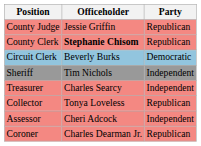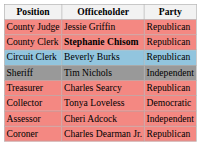 <table class="wikitable">
 <tr>
 <th>Position</th>
 <th>Officeholder</th>
 <th>Party</th>
 </tr>
 <tr style="background-color:#F48882;">
 <td>County Judge</td>
 <td>Jessie Griffin</td>
 <td>Republican</td>
 </tr>
 <tr style="background-color:#F48882;">
 <td>County Clerk</td>
 <td><strong>Stephanie Chisom</strong></td>
 <td>Republican</td>
 </tr>
 <tr style="background-color:#92C5DE;">
 <td>Circuit Clerk</td>
 <td>Beverly Burks</td>
-<td>Democratic</td>
+<td>Republican</td>
 </tr>
 <tr style="background-color:#999999;">
 <td>Sheriff</td>
 <td>Tim Nichols</td>
 <td>Independent</td>
 </tr>
 <tr style="background-color:#F48882;">
 <td>Treasurer</td>
 <td>Charles Searcy</td>
-<td>Independent</td>
+<td>Republican</td>
 </tr>
 <tr style="background-color:#F48882;">
 <td>Collector</td>
 <td>Tonya Loveless</td>
-<td>Republican</td>
+<td>Democratic</td>
 </tr>
 <tr style="background-color:#F48882;">
 <td>Assessor</td>
 <td>Cheri Adcock</td>
 <td>Independent</td>
 </tr>
 <tr style="background-color:#F48882;">
 <td>Coroner</td>
 <td>Charles Dearman Jr.</td>
 <td>Republican</td>
 </tr>
 </table>
